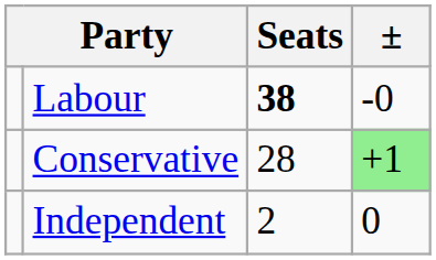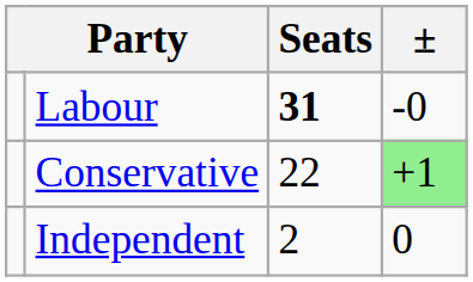 <table class="wikitable">
 <tr>
 <th colspan="2">Party</th>
 <th>Seats</th>
 <th>  ±  </th>
 </tr>
 <tr>
 <td style="background-color: "></td>
 <td><a href='#'>Labour</a></td>
-<td><strong>38</strong></td>
+<td><strong>31</strong></td>
 <td>-0</td>
 </tr>
 <tr>
 <td style="background-color: "></td>
 <td><a href='#'>Conservative</a></td>
-<td>28</td>
+<td>22</td>
 <td style="background: lightgreen;">+1</td>
 </tr>
 <tr>
 <td style="backgrouns-color: "></td>
 <td><a href='#'>Independent</a></td>
 <td>2</td>
 <td>0</td>
 </tr>
 </table>
